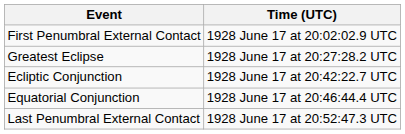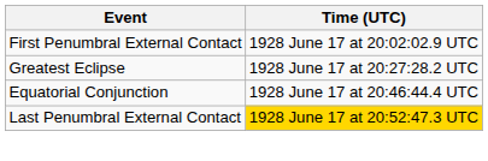 <table class="wikitable">
 <tr>
 <th>Event</th>
 <th>Time (UTC)</th>
 </tr>
 <tr>
 <td>First Penumbral External Contact</td>
 <td>1928 June 17 at 20:02:02.9 UTC</td>
 </tr>
 <tr>
 <td>Greatest Eclipse</td>
 <td>1928 June 17 at 20:27:28.2 UTC</td>
 </tr>
 <tr>
-<td>Ecliptic Conjunction</td>
-<td>1928 June 17 at 20:42:22.7 UTC</td>
-</tr>
-<tr>
 <td>Equatorial Conjunction</td>
 <td>1928 June 17 at 20:46:44.4 UTC</td>
 </tr>
 <tr>
 <td>Last Penumbral External Contact</td>
-<td>1928 June 17 at 20:52:47.3 UTC</td>
+<td style="background: gold;">1928 June 17 at 20:52:47.3 UTC</td>
 </tr>
 </table>
